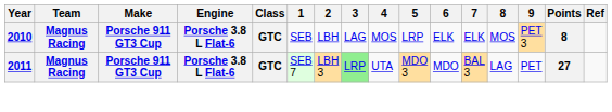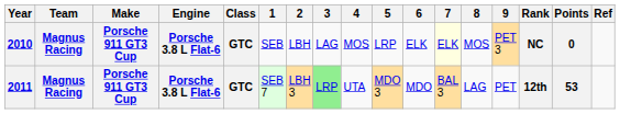 <table class="wikitable">
 <tr>
 <th>Year</th>
 <th>Team</th>
 <th>Make</th>
 <th>Engine</th>
 <th>Class</th>
 <th>1</th>
 <th>2</th>
 <th>3</th>
 <th>4</th>
 <th>5</th>
 <th>6</th>
 <th>7</th>
 <th>8</th>
 <th>9</th>
+<th>Rank</th>
 <th>Points</th>
 <th>Ref</th>
 </tr>
 <tr>
 <th><a href='#'>2010</a></th>
 <th><a href='#'>Magnus Racing</a></th>
 <th><a href='#'>Porsche 911 GT3 Cup</a></th>
 <th><a href='#'>Porsche</a> 3.8 L <a href='#'>Flat-6</a></th>
 <th>GTC</th>
 <td><a href='#'>SEB</a></td>
 <td><a href='#'>LBH</a></td>
 <td><a href='#'>LAG</a></td>
 <td><a href='#'>MOS</a></td>
 <td><a href='#'>LRP</a></td>
 <td><a href='#'>ELK</a></td>
-<td><a href='#'>ELK</a></td>
+<td style="background: lightyellow;"><a href='#'>ELK</a></td>
 <td><a href='#'>MOS</a></td>
 <td style="background:#FFDF9F;"><a href='#'>PET</a><br>3</td>
-<th>8</th>
+<th>NC</th>
+<th>0</th>
 <td></td>
 </tr>
 <tr>
 <th><a href='#'>2011</a></th>
 <th><a href='#'>Magnus Racing</a></th>
 <th><a href='#'>Porsche 911 GT3 Cup</a></th>
 <th><a href='#'>Porsche</a> 3.8 L <a href='#'>Flat-6</a></th>
 <th>GTC</th>
 <td style="background:#DFFFDF;"><a href='#'>SEB</a><br>7</td>
 <td style="background:#FFDF9F;"><a href='#'>LBH</a><br> 3</td>
 <td style="background: lightgreen;"><a href='#'>LRP</a></td>
 <td><a href='#'>UTA</a></td>
 <td style="background:#FFDF9F;"><a href='#'>MDO</a><br>3</td>
 <td><a href='#'>MDO</a></td>
 <td style="background:#FFDF9F;"><a href='#'>BAL</a><br>3</td>
 <td><a href='#'>LAG</a></td>
 <td><a href='#'>PET</a></td>
-<th>27</th>
+<th>12th</th>
+<th>53</th>
 <td></td>
 </tr>
 </table>
